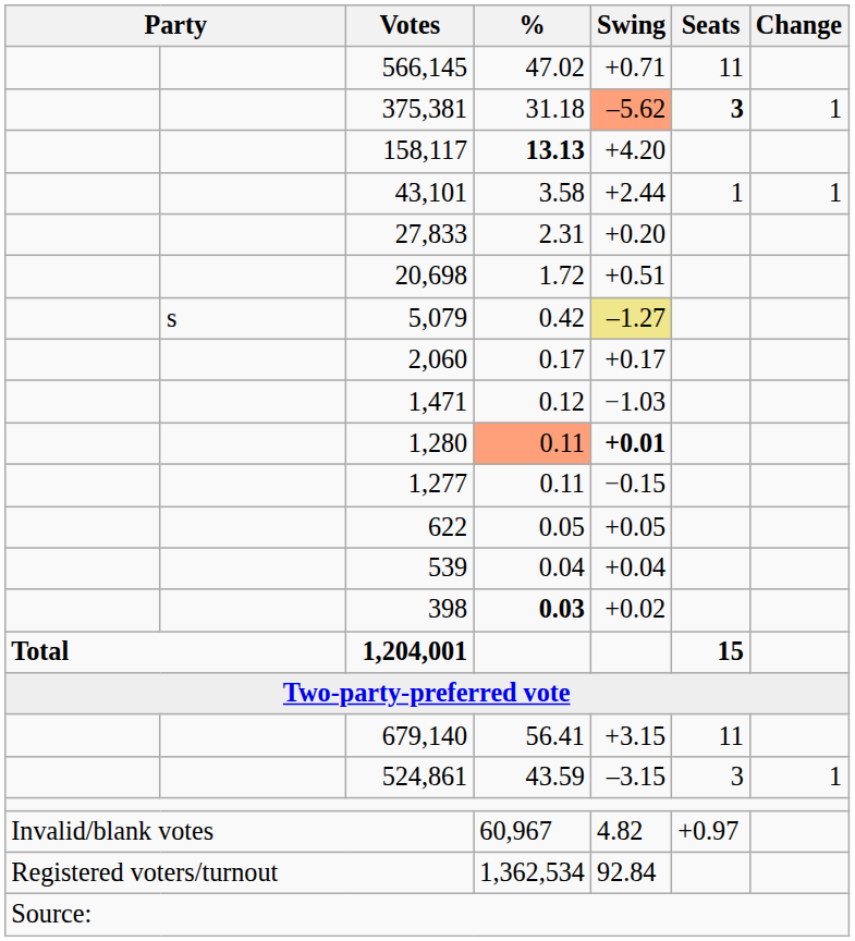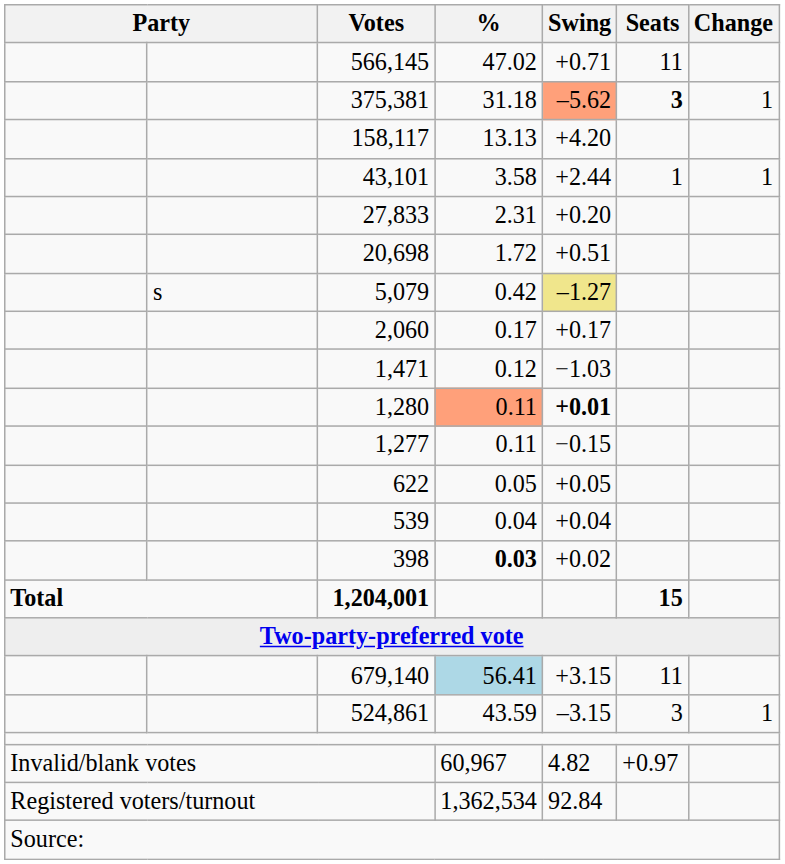 <table class="wikitable">
 <tr>
 <th style="width:200px" colspan=2><strong>Party</strong></th>
 <th style="width:70px; text-align:center;"><strong>Votes</strong></th>
 <th style="width:40px; text-align:center;"><strong>%</strong></th>
 <th style="width:40px; text-align:center;"><strong>Swing</strong></th>
 <th style="width:40px; text-align:center;"><strong>Seats</strong></th>
 <th style="width:40px; text-align:center;"><strong>Change</strong></th>
 </tr>
 <tr>
 <td> </td>
 <td></td>
 <td align=right>566,145</td>
 <td align=right>47.02</td>
 <td align=right>+0.71</td>
 <td align=right>11</td>
 <td align=right></td>
 </tr>
 <tr>
 <td> </td>
 <td></td>
 <td align=right>375,381</td>
 <td align=right>31.18</td>
 <td align=right style="background: lightsalmon;">–5.62</td>
 <td align=right><strong>3</strong></td>
 <td align=right> 1</td>
 </tr>
 <tr>
 <td> </td>
 <td></td>
 <td align=right>158,117</td>
-<td align=right><strong>13.13</strong></td>
+<td align=right>13.13</td>
 <td align=right>+4.20</td>
 <td align=right></td>
 <td align=right></td>
 </tr>
 <tr>
 <td> </td>
 <td></td>
 <td align=right>43,101</td>
 <td align=right>3.58</td>
 <td align=right>+2.44</td>
 <td align=right>1</td>
 <td align=right> 1</td>
 </tr>
 <tr>
 <td> </td>
 <td></td>
 <td align=right>27,833</td>
 <td align=right>2.31</td>
 <td align=right>+0.20</td>
 <td align=right></td>
 <td align=right></td>
 </tr>
 <tr>
 <td> </td>
 <td></td>
 <td align=right>20,698</td>
 <td align=right>1.72</td>
 <td align=right>+0.51</td>
 <td align=right></td>
 <td align=right></td>
 </tr>
 <tr>
 <td> </td>
 <td>s</td>
 <td align="right">5,079</td>
 <td align="right">0.42</td>
 <td align="right" style="background: khaki;">–1.27</td>
 <td align="right"></td>
 <td align="right"></td>
 </tr>
 <tr>
 <td> </td>
 <td></td>
 <td align="right">2,060</td>
 <td align="right">0.17</td>
 <td align="right">+0.17</td>
 <td align="right"></td>
 <td align="right"></td>
 </tr>
 <tr>
 <td> </td>
 <td></td>
 <td align="right">1,471</td>
 <td align="right">0.12</td>
 <td align="right">−1.03</td>
 <td align="right"></td>
 <td align="right"></td>
 </tr>
 <tr>
 <td> </td>
 <td></td>
 <td align="right">1,280</td>
 <td align="right" style="background: lightsalmon;">0.11</td>
 <td align="right"><strong>+0.01</strong></td>
 <td align="right"></td>
 <td align="right"></td>
 </tr>
 <tr>
 <td> </td>
 <td></td>
 <td align="right">1,277</td>
 <td align="right">0.11</td>
 <td align="right">−0.15</td>
 <td align="right"></td>
 <td align="right"></td>
 </tr>
 <tr>
 <td> </td>
 <td></td>
 <td align="right">622</td>
 <td align="right">0.05</td>
 <td align="right">+0.05</td>
 <td align="right"></td>
 <td align="right"></td>
 </tr>
 <tr>
 <td> </td>
 <td></td>
 <td align="right">539</td>
 <td align="right">0.04</td>
 <td align="right">+0.04</td>
 <td align="right"></td>
 <td align="right"></td>
 </tr>
 <tr>
 <td> </td>
 <td></td>
 <td align="right">398</td>
 <td align="right"><strong>0.03</strong></td>
 <td align="right">+0.02</td>
 <td align="right"></td>
 <td align="right"></td>
 </tr>
 <tr>
 <td colspan="2"><strong>Total</strong></td>
 <td align="right"><strong>1,204,001</strong></td>
 <td align="right"><strong> </strong></td>
 <td align="right"><strong> </strong></td>
 <td align=right><strong>15</strong></td>
 <td align=right></td>
 </tr>
 <tr>
 <td colspan="7" style="text-align:center; background:#eee;"><strong><a href='#'>Two-party-preferred vote</a></strong></td>
 </tr>
 <tr>
 <td> </td>
 <td></td>
 <td align=right>679,140</td>
-<td align=right>56.41</td>
+<td align=right style="background: lightblue;">56.41</td>
 <td align=right>+3.15</td>
 <td align=right>11</td>
 <td align=right></td>
 </tr>
 <tr>
 <td> </td>
 <td></td>
 <td align=right>524,861</td>
 <td align=right>43.59</td>
 <td align=right>–3.15</td>
 <td align=right>3</td>
 <td align=right> 1</td>
 </tr>
 <tr>
 <td colspan="7"></td>
 </tr>
 <tr>
 <td colspan="3">Invalid/blank votes</td>
 <td>60,967</td>
 <td>4.82</td>
 <td>+0.97</td>
 <td></td>
 </tr>
 <tr>
 <td colspan="3">Registered voters/turnout</td>
 <td>1,362,534</td>
 <td>92.84</td>
 <td></td>
 <td></td>
 </tr>
 <tr>
 <td colspan="7">Source: </td>
 </tr>
 </table>
